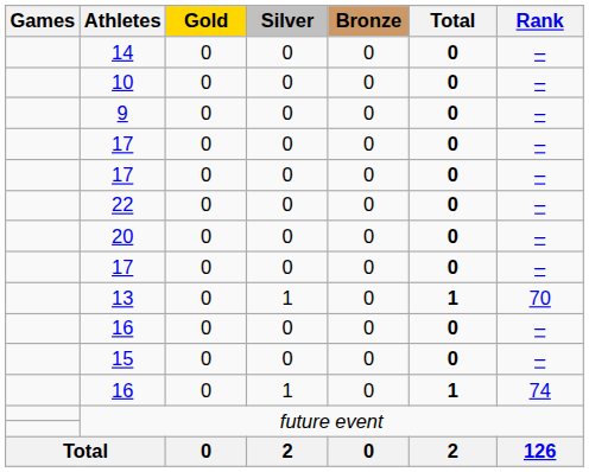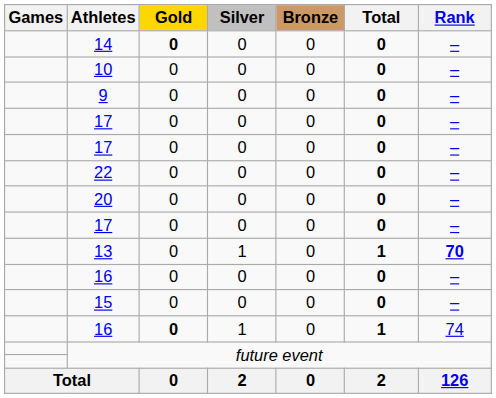 <table class="wikitable" style="text-align:center; font-size:90%;">
 <tr>
 <th>Games</th>
 <th>Athletes</th>
 <td style="background:gold; width:3.7em; font-weight:bold;">Gold</td>
 <td style="background:silver; width:3.7em; font-weight:bold;">Silver</td>
 <td style="background:#cc9966; width:3.7em; font-weight:bold;">Bronze</td>
 <th style="width:4em; font-weight:bold;">Total</th>
 <th style="width:4em; font-weight:bold;"><a href='#'>Rank</a></th>
 </tr>
 <tr>
 <td align=left></td>
 <td><a href='#'>14</a></td>
-<td>0</td>
+<td><strong>0</strong></td>
 <td>0</td>
 <td>0</td>
 <td><strong>0</strong></td>
 <td><a href='#'>–</a></td>
 </tr>
 <tr>
 <td align=left></td>
 <td><a href='#'>10</a></td>
 <td>0</td>
 <td>0</td>
 <td>0</td>
 <td><strong>0</strong></td>
 <td><a href='#'>–</a></td>
 </tr>
 <tr>
 <td align=left></td>
 <td><a href='#'>9</a></td>
 <td>0</td>
 <td>0</td>
 <td>0</td>
 <td><strong>0</strong></td>
 <td><a href='#'>–</a></td>
 </tr>
 <tr>
 <td align=left></td>
 <td><a href='#'>17</a></td>
 <td>0</td>
 <td>0</td>
 <td>0</td>
 <td><strong>0</strong></td>
 <td><a href='#'>–</a></td>
 </tr>
 <tr>
 <td align=left></td>
 <td><a href='#'>17</a></td>
 <td>0</td>
 <td>0</td>
 <td>0</td>
 <td><strong>0</strong></td>
 <td><a href='#'>–</a></td>
 </tr>
 <tr>
 <td align=left></td>
 <td><a href='#'>22</a></td>
 <td>0</td>
 <td>0</td>
 <td>0</td>
 <td><strong>0</strong></td>
 <td><a href='#'>–</a></td>
 </tr>
 <tr>
 <td align=left></td>
 <td><a href='#'>20</a></td>
 <td>0</td>
 <td>0</td>
 <td>0</td>
 <td><strong>0</strong></td>
 <td><a href='#'>–</a></td>
 </tr>
 <tr>
 <td align=left></td>
 <td><a href='#'>17</a></td>
 <td>0</td>
 <td>0</td>
 <td>0</td>
 <td><strong>0</strong></td>
 <td><a href='#'>–</a></td>
 </tr>
 <tr>
 <td align=left></td>
 <td><a href='#'>13</a></td>
 <td>0</td>
 <td>1</td>
 <td>0</td>
 <td><strong>1</strong></td>
-<td><a href='#'>70</a></td>
+<td><strong><a href='#'>70</a></strong></td>
 </tr>
 <tr>
 <td align=left></td>
 <td><a href='#'>16</a></td>
 <td>0</td>
 <td>0</td>
 <td>0</td>
 <td><strong>0</strong></td>
 <td><a href='#'>–</a></td>
 </tr>
 <tr>
 <td align=left></td>
 <td><a href='#'>15</a></td>
 <td>0</td>
 <td>0</td>
 <td>0</td>
 <td><strong>0</strong></td>
 <td><a href='#'>–</a></td>
 </tr>
 <tr>
 <td align=left></td>
 <td><a href='#'>16</a></td>
-<td>0</td>
+<td><strong>0</strong></td>
 <td>1</td>
 <td>0</td>
 <td><strong>1</strong></td>
 <td><a href='#'>74</a></td>
 </tr>
 <tr>
 <td align=left></td>
 <td colspan=6; rowspan=2><em>future event</em></td>
 </tr>
 <tr>
 <td align=left></td>
 </tr>
 <tr>
 <th colspan=2>Total</th>
 <th>0</th>
 <th>2</th>
 <th>0</th>
 <th>2</th>
 <th><a href='#'>126</a></th>
 </tr>
 </table>
